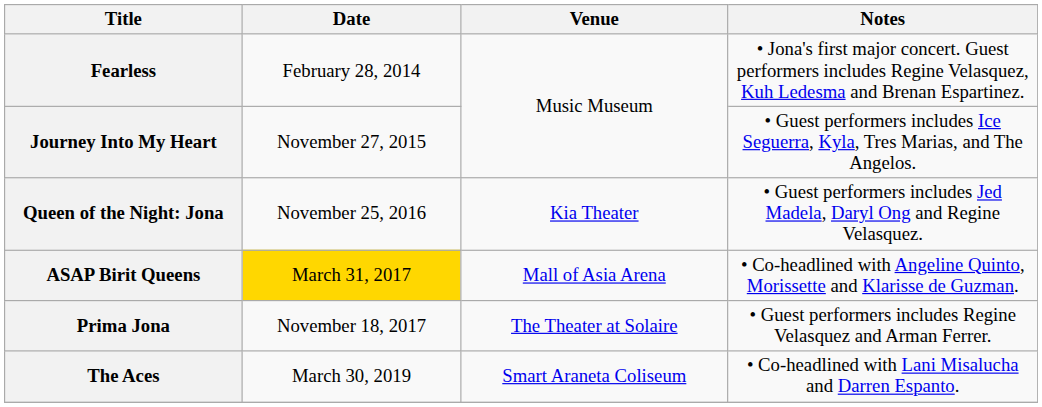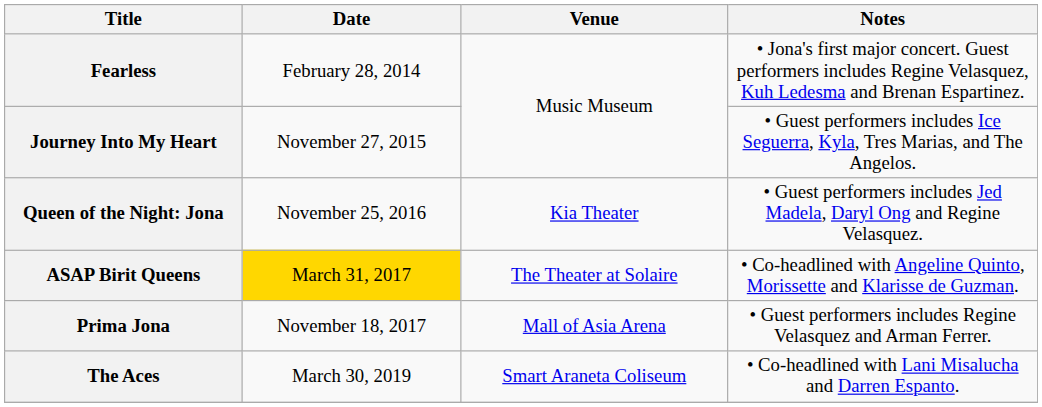 <table class="wikitable sortable plainrowheaders" style="text-align:center;" width=100%>
 <tr>
 <th scope="col" width=23%>Title</th>
 <th scope="col">Date</th>
 <th scope="col">Venue</th>
 <th scope="col" width=30% class="unsortable">Notes</th>
 </tr>
 <tr>
 <th><strong>Fearless</strong></th>
 <td>February 28, 2014</td>
 <td rowspan="2">Music Museum</td>
 <td colspan="2">• Jona's first major concert. Guest performers includes Regine Velasquez, <a href='#'>Kuh Ledesma</a> and Brenan Espartinez.</td>
 </tr>
 <tr>
 <th>Journey Into My Heart</th>
 <td>November 27, 2015</td>
 <td colspan="2">• Guest performers includes <a href='#'>Ice Seguerra</a>, <a href='#'>Kyla</a>, Tres Marias, and The Angelos.</td>
 </tr>
 <tr>
 <th>Queen of the Night: Jona</th>
 <td>November 25, 2016</td>
 <td><a href='#'>Kia Theater</a></td>
 <td colspan="2">• Guest performers includes <a href='#'>Jed Madela</a>, <a href='#'>Daryl Ong</a> and Regine Velasquez.</td>
 </tr>
 <tr>
 <th>ASAP Birit Queens</th>
 <td style="background: gold;">March 31, 2017</td>
-<td><a href='#'>Mall of Asia Arena</a></td>
+<td><a href='#'>The Theater at Solaire</a></td>
 <td colspan="2">• Co-headlined with <a href='#'>Angeline Quinto</a>, <a href='#'>Morissette</a> and <a href='#'>Klarisse de Guzman</a>.</td>
 </tr>
 <tr>
 <th>Prima Jona</th>
 <td>November 18, 2017</td>
-<td><a href='#'>The Theater at Solaire</a></td>
+<td><a href='#'>Mall of Asia Arena</a></td>
 <td colspan="2">• Guest performers includes Regine Velasquez and Arman Ferrer.</td>
 </tr>
 <tr>
 <th>The Aces</th>
 <td>March 30, 2019</td>
 <td><a href='#'>Smart Araneta Coliseum</a></td>
 <td colspan="2">• Co-headlined with <a href='#'>Lani Misalucha</a> and <a href='#'>Darren Espanto</a>.</td>
 </tr>
 <tr>
 </tr>
 </table>
